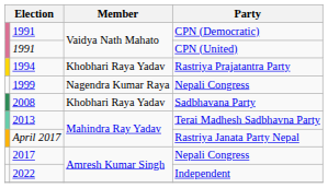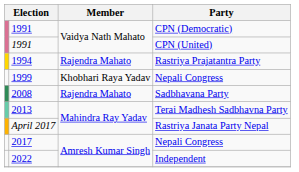 <table class="wikitable">
 <tr>
 <th colspan="2">Election</th>
 <th>Member</th>
 <th>Party</th>
 </tr>
 <tr>
 <td rowspan="2" style="background-color:palevioletred"></td>
 <td><a href='#'>1991</a></td>
 <td rowspan="2">Vaidya Nath Mahato</td>
 <td><a href='#'>CPN (Democratic)</a></td>
 </tr>
 <tr>
 <td><em>1991</em></td>
 <td><a href='#'>CPN (United)</a></td>
 </tr>
 <tr>
 <td style="background-color:gold"></td>
 <td><a href='#'>1994</a></td>
-<td>Khobhari Raya Yadav</td>
+<td><a href='#'>Rajendra Mahato</a></td>
 <td><a href='#'>Rastriya Prajatantra Party</a></td>
 </tr>
 <tr>
 <td style="background-color:"></td>
 <td><a href='#'>1999</a></td>
-<td>Nagendra Kumar Raya</td>
+<td>Khobhari Raya Yadav</td>
 <td><a href='#'>Nepali Congress</a></td>
 </tr>
 <tr>
 <td style="background-color:seagreen"></td>
 <td><a href='#'>2008</a></td>
-<td>Khobhari Raya Yadav</td>
+<td><a href='#'>Rajendra Mahato</a></td>
 <td><a href='#'>Sadbhavana Party</a></td>
 </tr>
 <tr>
 <td style="background-color:mediumaquamarine"></td>
 <td><a href='#'>2013</a></td>
 <td rowspan="2"><a href='#'>Mahindra Ray Yadav</a></td>
 <td><a href='#'>Terai Madhesh Sadbhavna Party</a></td>
 </tr>
 <tr>
 <td style="background-color:#ffb300"></td>
 <td><em>April 2017</em></td>
 <td><a href='#'>Rastriya Janata Party Nepal</a></td>
 </tr>
 <tr>
 <td style="background-color:"></td>
 <td><a href='#'>2017</a></td>
 <td rowspan="2"><a href='#'>Amresh Kumar Singh</a></td>
 <td><a href='#'>Nepali Congress</a></td>
 </tr>
 <tr>
 <td></td>
 <td><a href='#'>2022</a></td>
 <td><a href='#'>Independent</a></td>
 </tr>
 <tr>
 </tr>
 </table>
